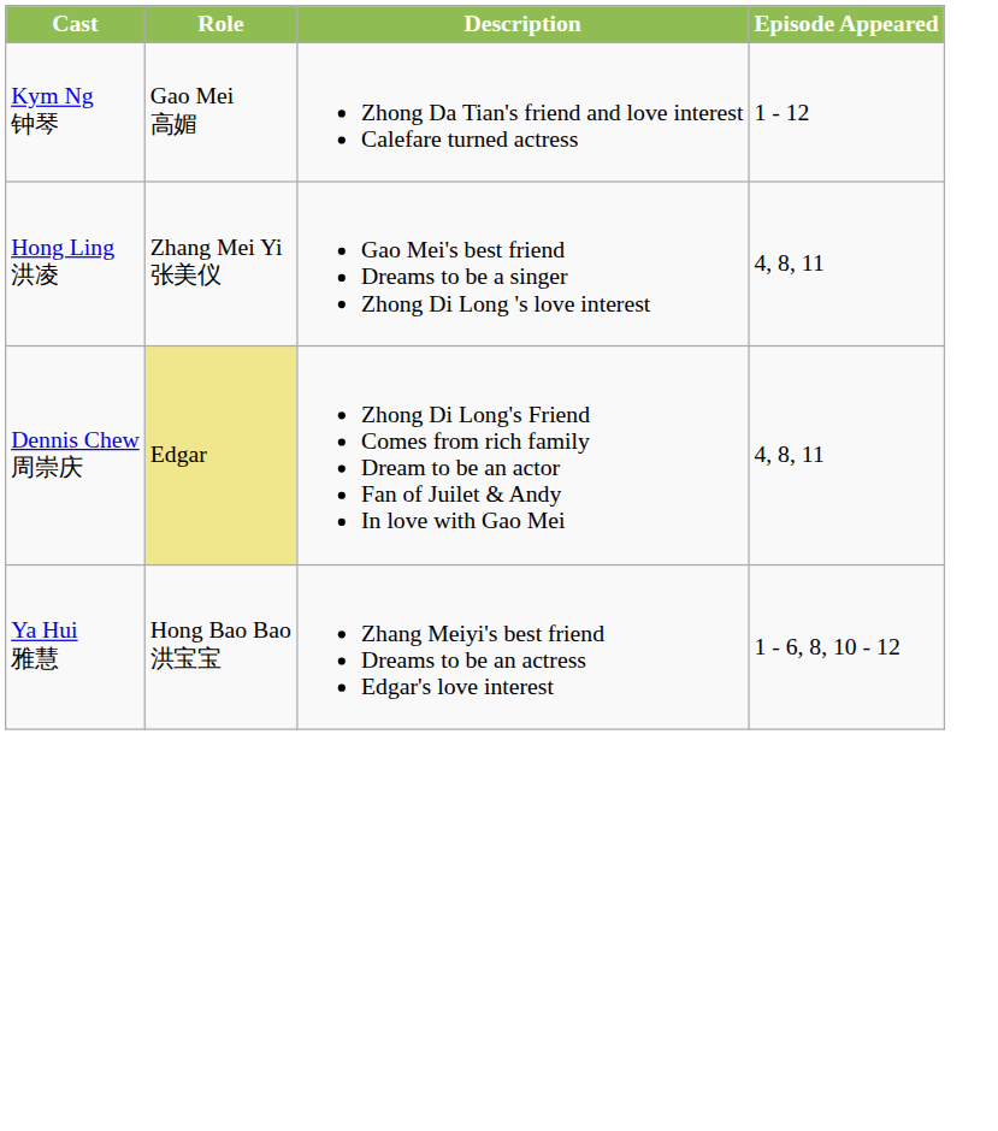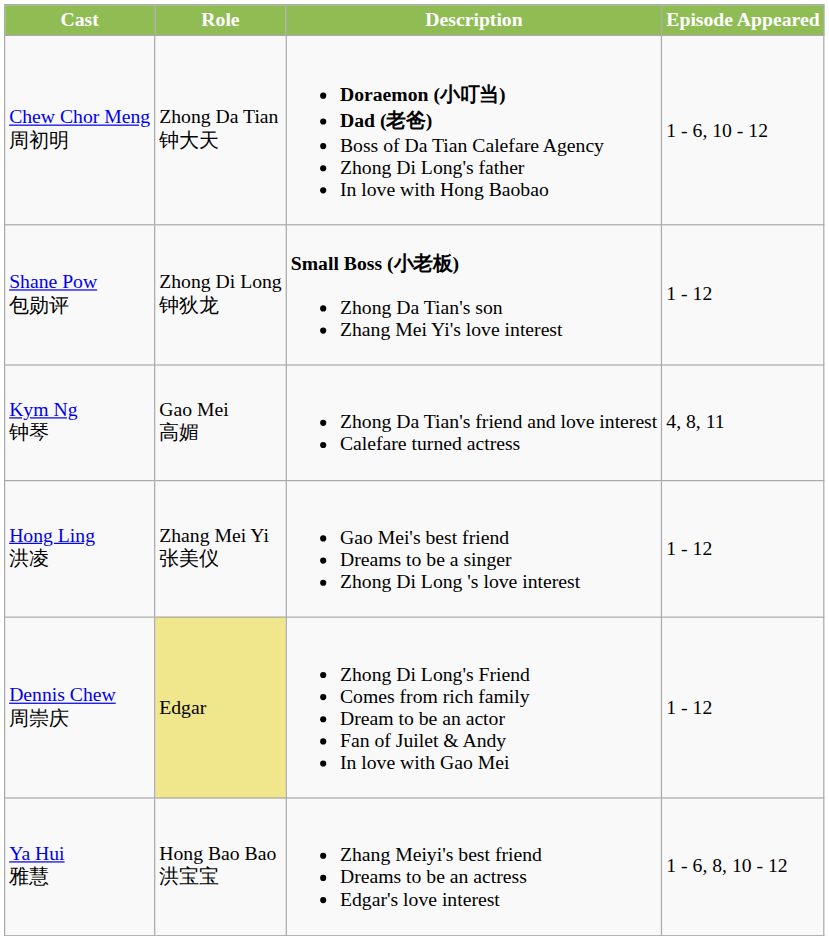 <table class="wikitable">
 <tr>
 <th style="background:#8fbd54; color:white;">Cast</th>
 <th style="background:#8fbd54; color:white;">Role</th>
 <th style="background:#8fbd54; color:white;">Description</th>
 <th style="background:#8fbd54; color:white;">Episode Appeared</th>
 </tr>
 <tr>
+<td><a href='#'>Chew Chor Meng</a> <br> 周初明</td>
+<td>Zhong Da Tian <br> 钟大天</td>
+<td><br><ul><li><strong>Doraemon (小叮当)</strong></li><li><strong>Dad (老爸)</strong></li><li>Boss of Da Tian Calefare Agency</li><li>Zhong Di Long's father</li><li>In love with Hong Baobao</li></ul></td>
+<td>1 - 6, 10 - 12</td>
+</tr>
+<tr>
+<td><a href='#'>Shane Pow</a> <br> 包勋评</td>
+<td>Zhong Di Long <br> 钟狄龙</td>
+<td><br><strong>Small Boss (小老板)</strong><ul><li>Zhong Da Tian's son</li><li>Zhang Mei Yi's love interest</li></ul></td>
+<td>1 - 12</td>
+</tr>
+<tr>
 <td><a href='#'>Kym Ng</a> <br> 钟琴</td>
 <td>Gao Mei <br> 高媚</td>
 <td><br><ul><li>Zhong Da Tian's friend and love interest</li><li>Calefare turned actress</li></ul></td>
-<td>1 - 12</td>
+<td>4, 8, 11</td>
 </tr>
 <tr>
 <td><a href='#'>Hong Ling</a> <br> 洪凌</td>
 <td>Zhang Mei Yi <br> 张美仪</td>
 <td><br><ul><li>Gao Mei's best friend</li><li>Dreams to be a singer</li><li>Zhong Di Long 's love interest</li></ul></td>
-<td>4, 8, 11</td>
+<td>1 - 12</td>
 </tr>
 <tr>
 <td><a href='#'>Dennis Chew</a> <br> 周崇庆</td>
 <td style="background: khaki;">Edgar</td>
 <td><br><ul><li>Zhong Di Long's Friend</li><li>Comes from rich family</li><li>Dream to be an actor</li><li>Fan of Juilet & Andy</li><li>In love with Gao Mei</li></ul></td>
-<td>4, 8, 11</td>
+<td>1 - 12</td>
 </tr>
 <tr>
 <td><a href='#'>Ya Hui</a> <br> 雅慧</td>
 <td>Hong Bao Bao <br> 洪宝宝</td>
 <td><br><ul><li>Zhang Meiyi's best friend</li><li>Dreams to be an actress</li><li>Edgar's love interest</li></ul></td>
 <td>1 - 6, 8, 10 - 12</td>
 </tr>
 </table>
